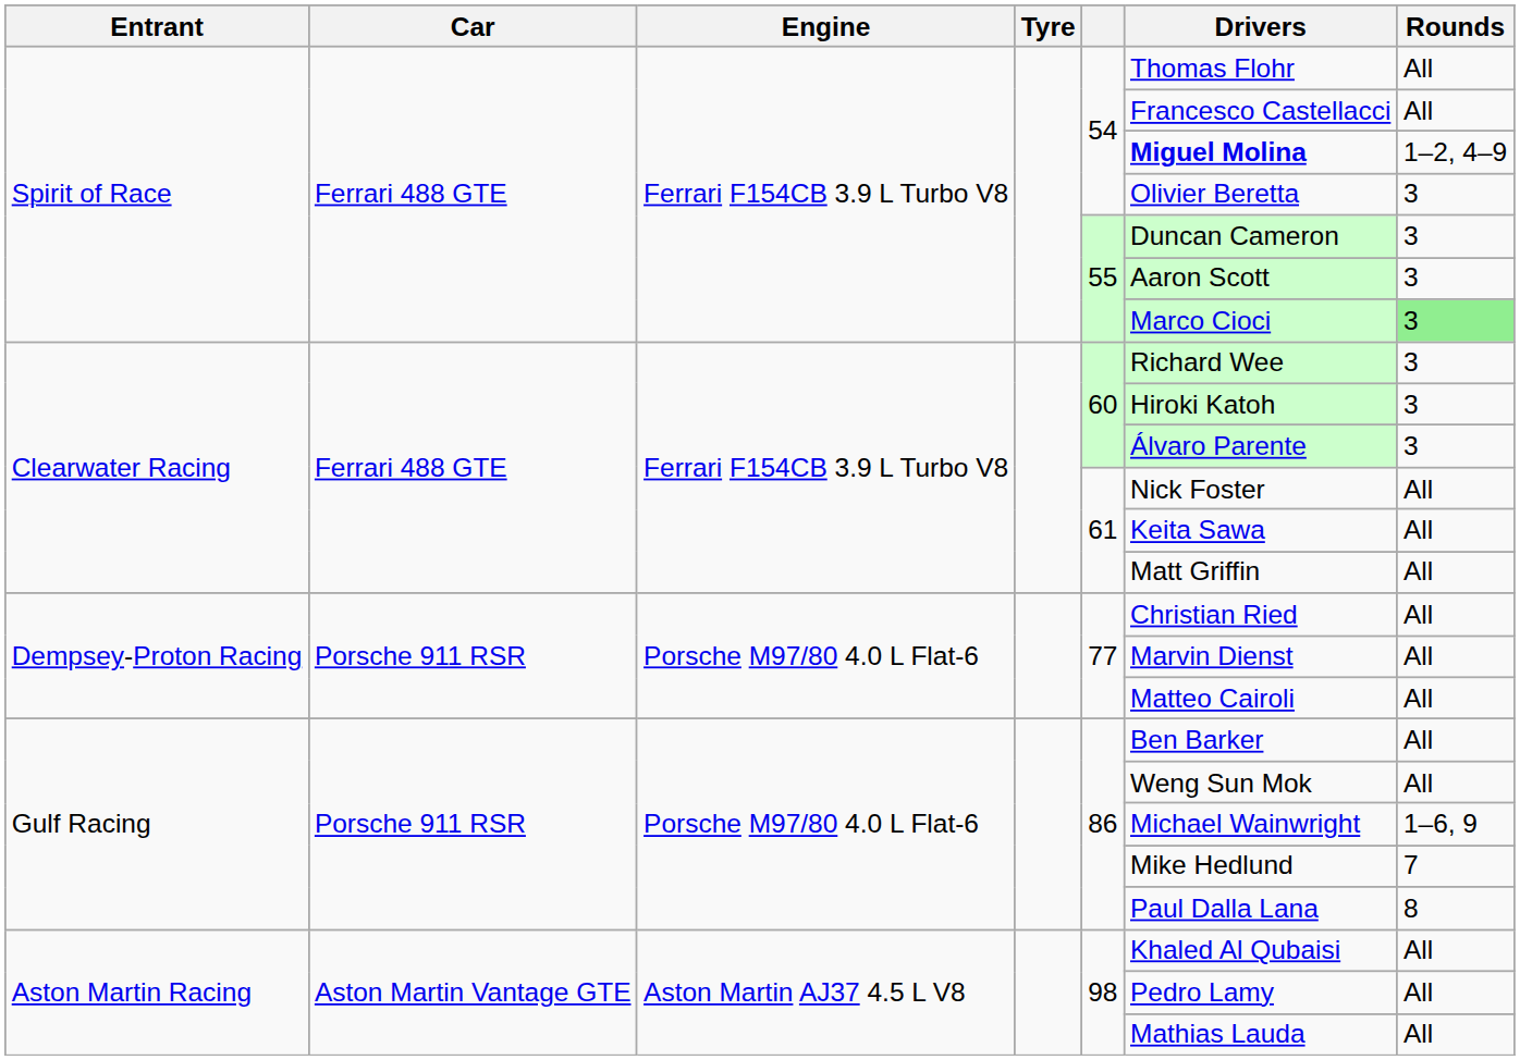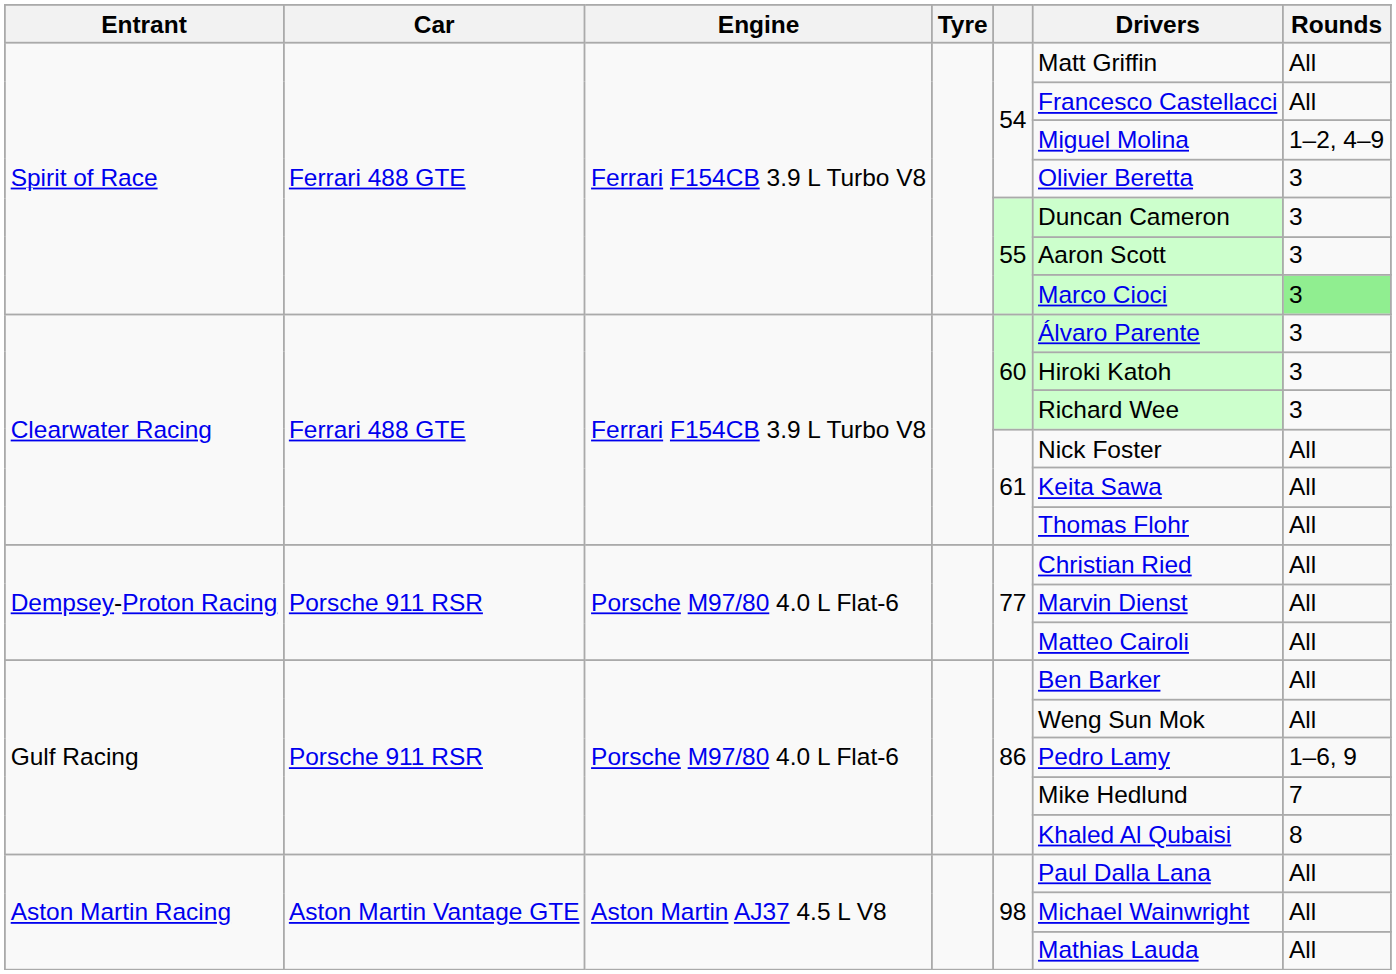 <table class="wikitable" style="font-size: 85%">
 <tr>
 <th>Entrant</th>
 <th>Car</th>
 <th>Engine</th>
 <th>Tyre</th>
 <th></th>
 <th>Drivers</th>
 <th>Rounds</th>
 </tr>
 <tr>
 <td rowspan=7> <a href='#'>Spirit of Race</a></td>
 <td rowspan=7><a href='#'>Ferrari 488 GTE</a></td>
 <td rowspan=7><a href='#'>Ferrari</a> <a href='#'>F154CB</a> 3.9 L Turbo V8</td>
 <td rowspan=7></td>
 <td rowspan=4>54</td>
-<td> <a href='#'>Thomas Flohr</a></td>
+<td> Matt Griffin</td>
 <td>All</td>
 </tr>
 <tr>
 <td> <a href='#'>Francesco Castellacci</a></td>
 <td>All</td>
 </tr>
 <tr>
-<td><strong> <a href='#'>Miguel Molina</a></strong></td>
+<td> <a href='#'>Miguel Molina</a></td>
 <td>1–2, 4–9</td>
 </tr>
 <tr>
 <td> <a href='#'>Olivier Beretta</a></td>
 <td>3</td>
 </tr>
 <tr>
 <td style="background:#ccffcc" rowspan=3>55</td>
 <td style="background:#ccffcc"> Duncan Cameron</td>
 <td>3</td>
 </tr>
 <tr>
 <td style="background:#ccffcc"> Aaron Scott</td>
 <td>3</td>
 </tr>
 <tr>
 <td style="background:#ccffcc"> <a href='#'>Marco Cioci</a></td>
 <td style="background: lightgreen;">3</td>
 </tr>
 <tr>
 <td rowspan=6> <a href='#'>Clearwater Racing</a></td>
 <td rowspan=6><a href='#'>Ferrari 488 GTE</a></td>
 <td rowspan=6><a href='#'>Ferrari</a> <a href='#'>F154CB</a> 3.9 L Turbo V8</td>
 <td rowspan=6></td>
 <td style="background:#ccffcc" rowspan=3>60</td>
-<td style="background:#ccffcc"> Richard Wee</td>
+<td style="background:#ccffcc"> <a href='#'>Álvaro Parente</a></td>
 <td>3</td>
 </tr>
 <tr>
 <td style="background:#ccffcc"> Hiroki Katoh</td>
 <td>3</td>
 </tr>
 <tr>
-<td style="background:#ccffcc"> <a href='#'>Álvaro Parente</a></td>
+<td style="background:#ccffcc"> Richard Wee</td>
 <td>3</td>
 </tr>
 <tr>
 <td rowspan=3>61</td>
 <td> Nick Foster</td>
 <td>All</td>
 </tr>
 <tr>
 <td> <a href='#'>Keita Sawa</a></td>
 <td>All</td>
 </tr>
 <tr>
-<td> Matt Griffin</td>
+<td> <a href='#'>Thomas Flohr</a></td>
 <td>All</td>
 </tr>
 <tr>
 <td rowspan=3> <a href='#'>Dempsey</a>-<a href='#'>Proton Racing</a></td>
 <td rowspan=3><a href='#'>Porsche 911 RSR</a></td>
 <td rowspan=3><a href='#'>Porsche</a> <a href='#'>M97/80</a> 4.0 L Flat-6</td>
 <td rowspan=3></td>
 <td rowspan=3>77</td>
 <td> <a href='#'>Christian Ried</a></td>
 <td>All</td>
 </tr>
 <tr>
 <td> <a href='#'>Marvin Dienst</a></td>
 <td>All</td>
 </tr>
 <tr>
 <td> <a href='#'>Matteo Cairoli</a></td>
 <td>All</td>
 </tr>
 <tr>
 <td rowspan=5> Gulf Racing</td>
 <td rowspan=5><a href='#'>Porsche 911 RSR</a></td>
 <td rowspan=5><a href='#'>Porsche</a> <a href='#'>M97/80</a> 4.0 L Flat-6</td>
 <td rowspan=5></td>
 <td rowspan=5>86</td>
 <td> <a href='#'>Ben Barker</a></td>
 <td>All</td>
 </tr>
 <tr>
 <td> Weng Sun Mok</td>
 <td>All</td>
 </tr>
 <tr>
-<td> <a href='#'>Michael Wainwright</a></td>
+<td> <a href='#'>Pedro Lamy</a></td>
 <td>1–6, 9</td>
 </tr>
 <tr>
 <td> Mike Hedlund</td>
 <td>7</td>
 </tr>
 <tr>
-<td> <a href='#'>Paul Dalla Lana</a></td>
+<td> <a href='#'>Khaled Al Qubaisi</a></td>
 <td>8</td>
 </tr>
 <tr>
 <td rowspan=3> <a href='#'>Aston Martin Racing</a></td>
 <td rowspan=3><a href='#'>Aston Martin Vantage GTE</a></td>
 <td rowspan=3><a href='#'>Aston Martin</a> <a href='#'>AJ37</a> 4.5 L V8</td>
 <td rowspan=3></td>
 <td rowspan=3>98</td>
-<td> <a href='#'>Khaled Al Qubaisi</a></td>
+<td> <a href='#'>Paul Dalla Lana</a></td>
 <td>All</td>
 </tr>
 <tr>
-<td> <a href='#'>Pedro Lamy</a></td>
+<td> <a href='#'>Michael Wainwright</a></td>
 <td>All</td>
 </tr>
 <tr>
 <td> <a href='#'>Mathias Lauda</a></td>
 <td>All</td>
 </tr>
 </table>
